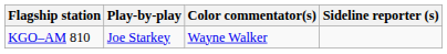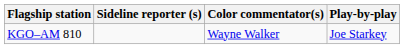 <table class="wikitable">
 <tr>
 <th>Flagship station</th>
+<th>Sideline reporter (s)</th>
+<th>Color commentator(s)</th>
 <th>Play-by-play</th>
-<th>Color commentator(s)</th>
-<th>Sideline reporter (s)</th>
 </tr>
 <tr>
 <td><a href='#'>KGO–AM</a> 810</td>
+<td></td>
+<td><a href='#'>Wayne Walker</a></td>
 <td><a href='#'>Joe Starkey</a></td>
-<td><a href='#'>Wayne Walker</a></td>
-<td></td>
 </tr>
 </table>
